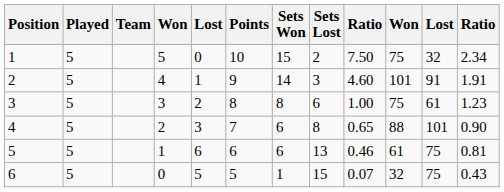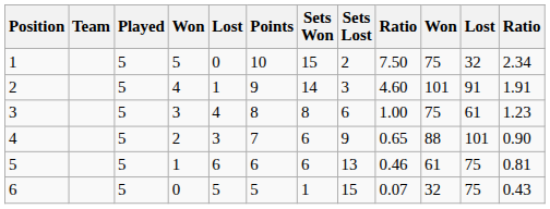 <table class="wikitable">
 <tr>
 <th>Position</th>
+<th>Team</th>
 <th>Played</th>
-<th>Team</th>
 <th>Won</th>
 <th>Lost</th>
 <th>Points</th>
 <th>Sets<br>Won</th>
 <th>Sets<br>Lost</th>
 <th>Ratio</th>
 <th>Won</th>
 <th>Lost</th>
 <th>Ratio</th>
 </tr>
 <tr>
 <td>1</td>
+<td></td>
 <td>5</td>
-<td></td>
 <td>5</td>
 <td>0</td>
 <td>10</td>
 <td>15</td>
 <td>2</td>
 <td>7.50</td>
 <td>75</td>
 <td>32</td>
 <td>2.34</td>
 </tr>
 <tr>
 <td>2</td>
+<td></td>
 <td>5</td>
-<td></td>
 <td>4</td>
 <td>1</td>
 <td>9</td>
 <td>14</td>
 <td>3</td>
 <td>4.60</td>
 <td>101</td>
 <td>91</td>
 <td>1.91</td>
 </tr>
 <tr>
 <td>3</td>
+<td></td>
 <td>5</td>
-<td></td>
 <td>3</td>
-<td>2</td>
+<td>4</td>
 <td>8</td>
 <td>8</td>
 <td>6</td>
 <td>1.00</td>
 <td>75</td>
 <td>61</td>
 <td>1.23</td>
 </tr>
 <tr>
 <td>4</td>
+<td></td>
 <td>5</td>
-<td></td>
 <td>2</td>
 <td>3</td>
 <td>7</td>
 <td>6</td>
-<td>8</td>
+<td>9</td>
 <td>0.65</td>
 <td>88</td>
 <td>101</td>
 <td>0.90</td>
 </tr>
 <tr>
 <td>5</td>
+<td></td>
 <td>5</td>
-<td></td>
 <td>1</td>
 <td>6</td>
 <td>6</td>
 <td>6</td>
 <td>13</td>
 <td>0.46</td>
 <td>61</td>
 <td>75</td>
 <td>0.81</td>
 </tr>
 <tr>
 <td>6</td>
+<td></td>
 <td>5</td>
-<td></td>
 <td>0</td>
 <td>5</td>
 <td>5</td>
 <td>1</td>
 <td>15</td>
 <td>0.07</td>
 <td>32</td>
 <td>75</td>
 <td>0.43</td>
 </tr>
 </table>
